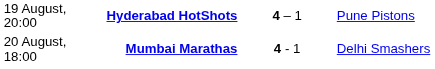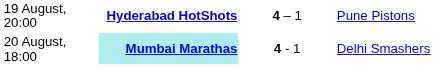 <table style="font-size:90%">
 <tr>
 <td width=100>19 August, 20:00</td>
 <td width=150 align=right><strong><a href='#'>Hyderabad HotShots</a></strong></td>
 <td width="100" align="center"><strong>4</strong> – 1</td>
 <td width=150><a href='#'>Pune Pistons</a></td>
 </tr>
 <tr>
 <td width=100>20 August, 18:00</td>
-<td width="150" align="right"><strong><a href='#'>Mumbai Marathas</a></strong> </td>
+<td width="150" align="right" style="background: paleturquoise;"><strong><a href='#'>Mumbai Marathas</a></strong> </td>
 <td width="100" align="center"><strong>4 </strong>- 1</td>
 <td width=150><a href='#'>Delhi Smashers</a></td>
 </tr>
 </table>
